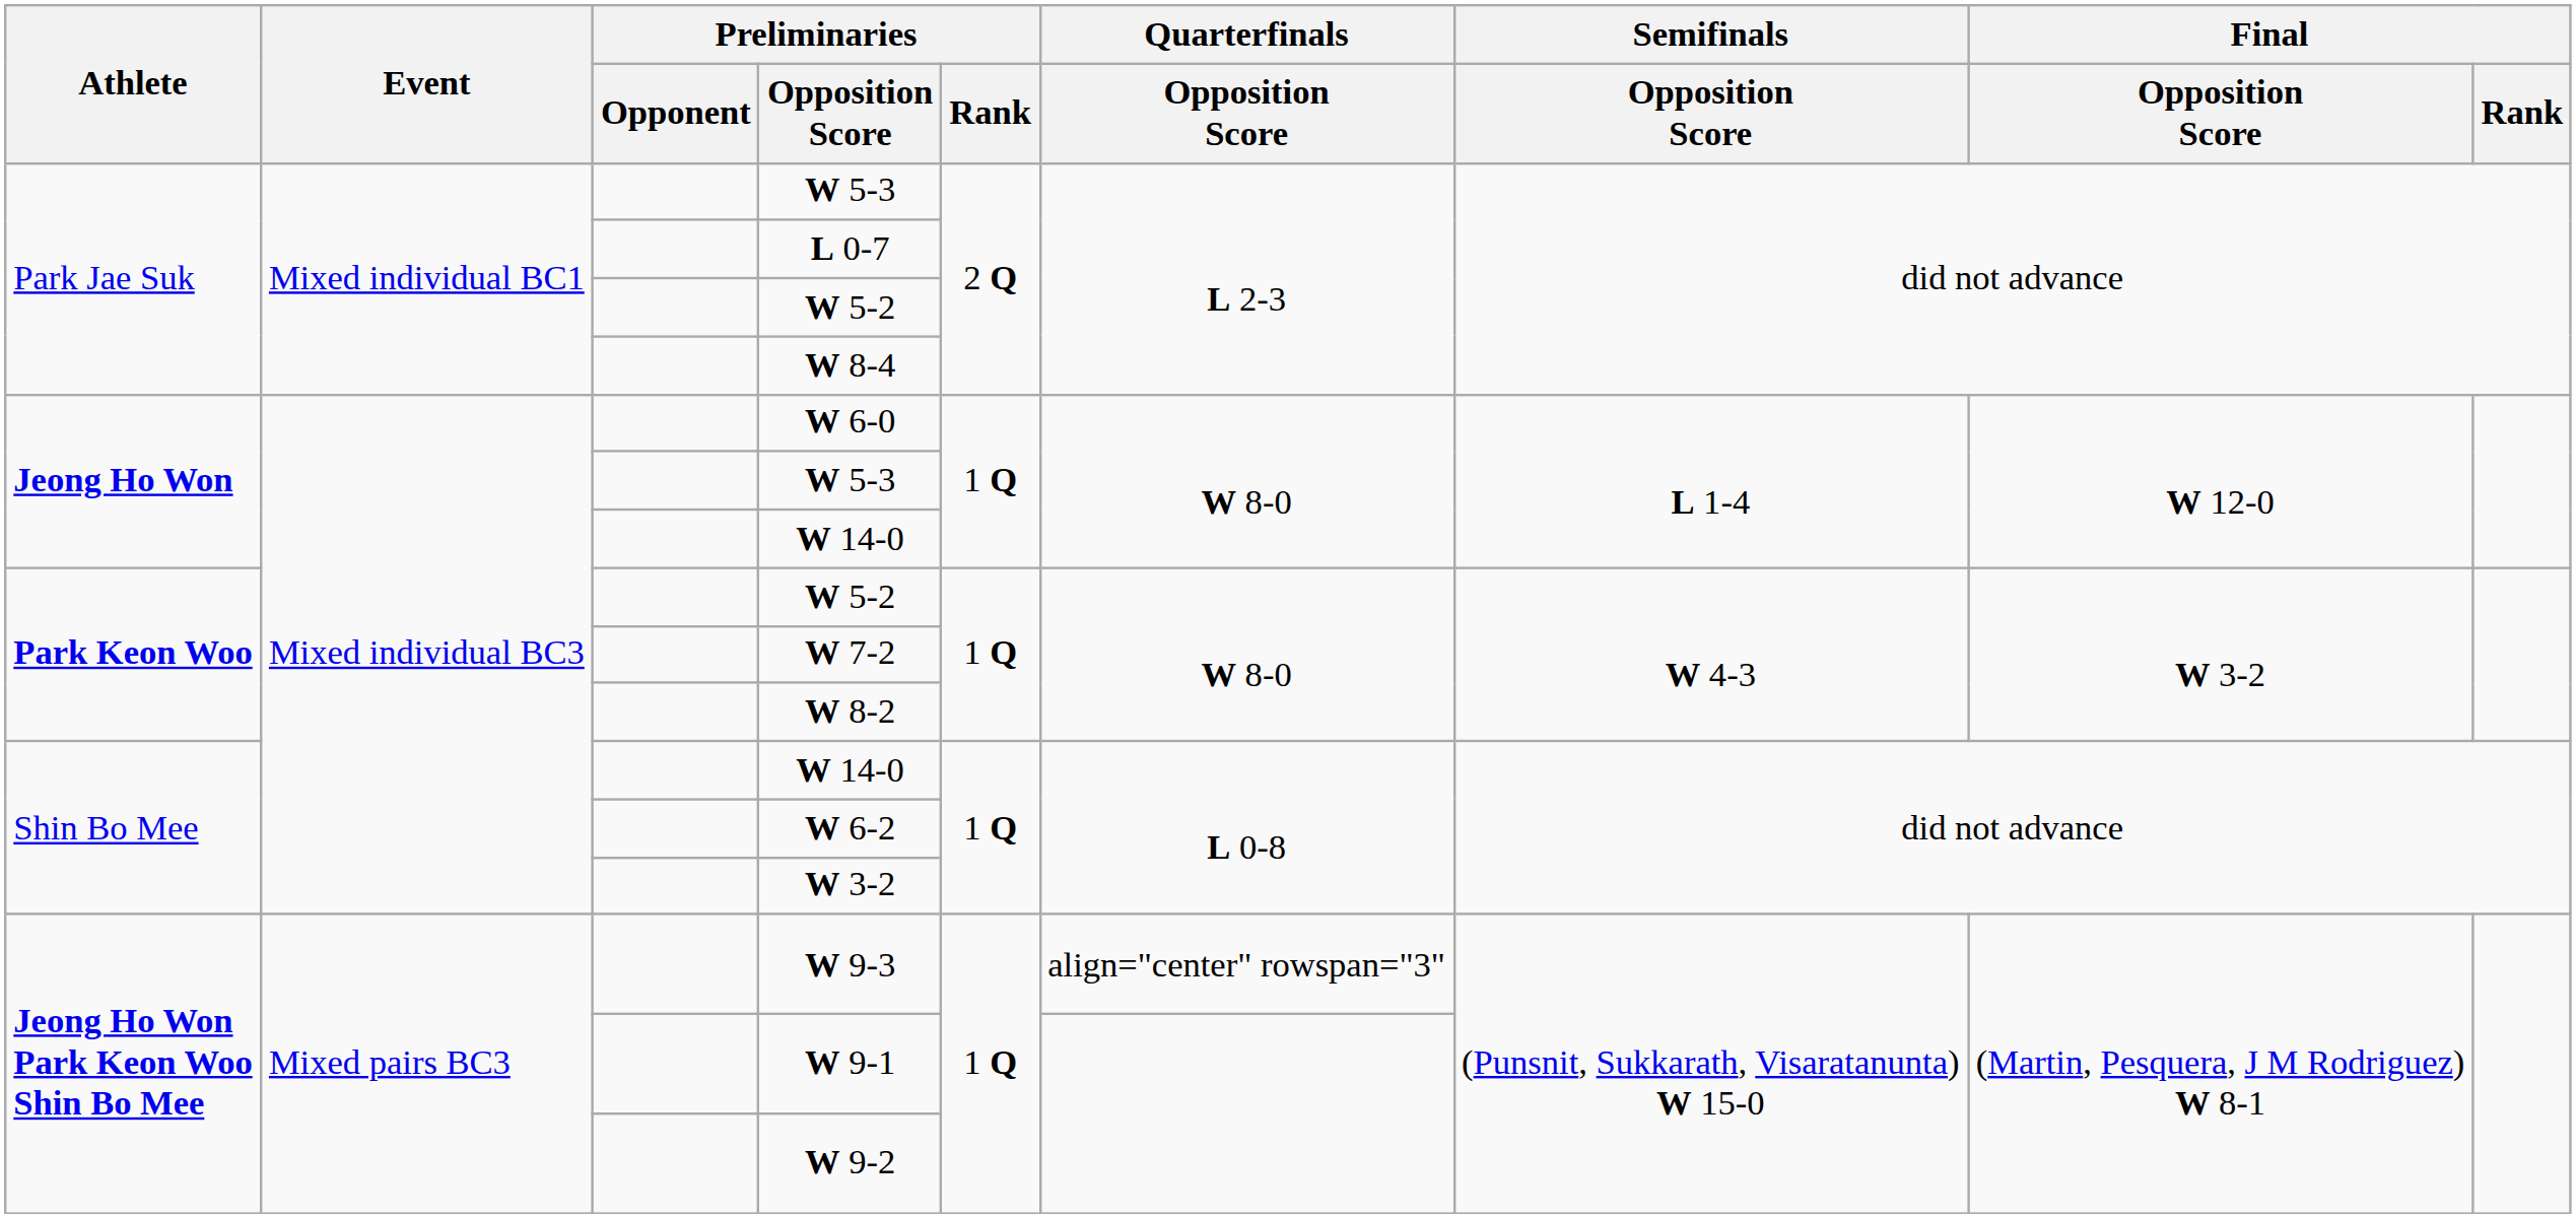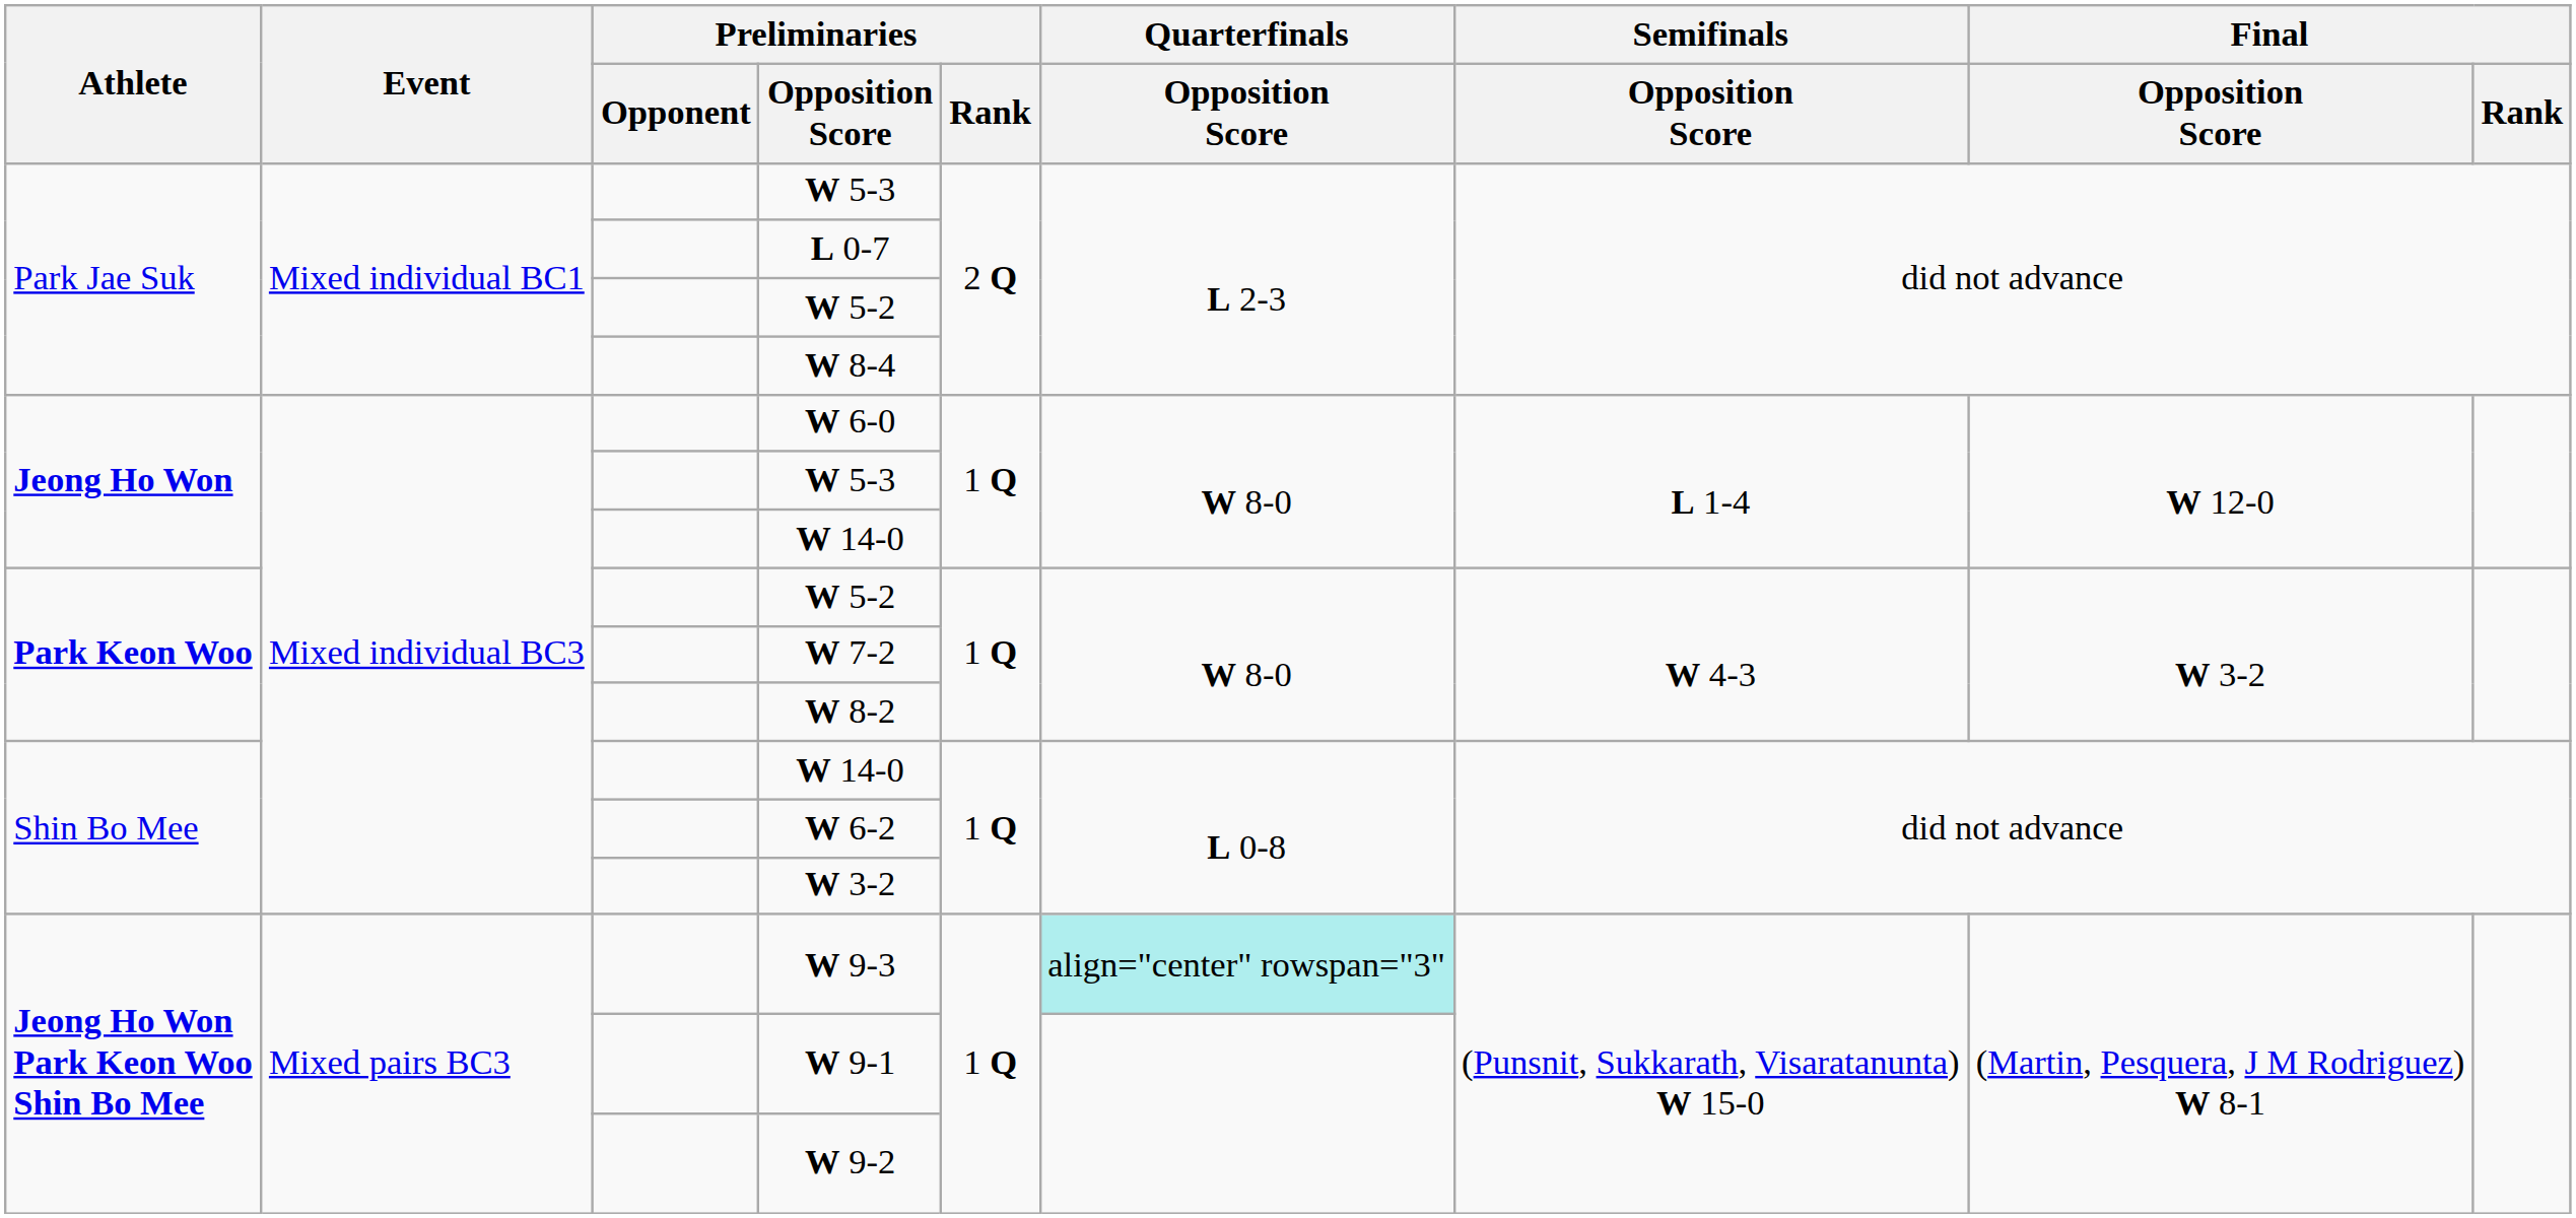 <table class=wikitable style="font-size:90%">
 <tr>
 <th rowspan="2">Athlete</th>
 <th rowspan="2">Event</th>
 <th colspan="3">Preliminaries</th>
 <th>Quarterfinals</th>
 <th>Semifinals</th>
 <th colspan="2">Final</th>
 </tr>
 <tr>
 <th>Opponent</th>
 <th>Opposition<br>Score</th>
 <th>Rank</th>
 <th>Opposition<br>Score</th>
 <th>Opposition<br>Score</th>
 <th>Opposition<br>Score</th>
 <th>Rank</th>
 </tr>
 <tr>
 <td rowspan="4"><a href='#'>Park Jae Suk</a></td>
 <td rowspan="4"><a href='#'>Mixed individual BC1</a></td>
 <td align="left"></td>
 <td align="center"><strong>W</strong> 5-3</td>
 <td align="center" rowspan="4">2 <strong>Q</strong></td>
 <td align="center" rowspan="4"><br><strong>L</strong> 2-3</td>
 <td align="center" rowspan="4" colspan="3">did not advance</td>
 </tr>
 <tr>
 <td align="left"></td>
 <td align="center"><strong>L</strong> 0-7</td>
 </tr>
 <tr>
 <td align="left"></td>
 <td align="center"><strong>W</strong> 5-2</td>
 </tr>
 <tr>
 <td align="left"></td>
 <td align="center"><strong>W</strong> 8-4</td>
 </tr>
 <tr>
 <td rowspan="3"><strong><a href='#'>Jeong Ho Won</a></strong></td>
 <td rowspan="9"><a href='#'>Mixed individual BC3</a></td>
 <td align="left"></td>
 <td align="center"><strong>W</strong> 6-0</td>
 <td align="center" rowspan="3">1 <strong>Q</strong></td>
 <td align="center" rowspan="3"><br><strong>W</strong> 8-0</td>
 <td align="center" rowspan="3"><br><strong>L</strong> 1-4</td>
 <td align="center" rowspan="3"><br><strong>W</strong> 12-0</td>
 <td align="center" rowspan="3"></td>
 </tr>
 <tr>
 <td align="left"></td>
 <td align="center"><strong>W</strong> 5-3</td>
 </tr>
 <tr>
 <td align="left"></td>
 <td align="center"><strong>W</strong> 14-0</td>
 </tr>
 <tr>
 <td rowspan="3"><strong><a href='#'>Park Keon Woo</a></strong></td>
 <td align="left"></td>
 <td align="center"><strong>W</strong> 5-2</td>
 <td align="center" rowspan="3">1 <strong>Q</strong></td>
 <td align="center" rowspan="3"><br><strong>W</strong> 8-0</td>
 <td align="center" rowspan="3"><br><strong>W</strong> 4-3</td>
 <td align="center" rowspan="3"><br><strong>W</strong> 3-2</td>
 <td align="center" rowspan="3"></td>
 </tr>
 <tr>
 <td align="left"></td>
 <td align="center"><strong>W</strong> 7-2</td>
 </tr>
 <tr>
 <td align="left"></td>
 <td align="center"><strong>W</strong> 8-2</td>
 </tr>
 <tr>
 <td rowspan="3"><a href='#'>Shin Bo Mee</a></td>
 <td align="left"></td>
 <td align="center"><strong>W</strong> 14-0</td>
 <td align="center" rowspan="3">1 <strong>Q</strong></td>
 <td align="center" rowspan="3"><br><strong>L</strong> 0-8</td>
 <td align="center" rowspan="3" colspan="3">did not advance</td>
 </tr>
 <tr>
 <td align="left"></td>
 <td align="center"><strong>W</strong> 6-2</td>
 </tr>
 <tr>
 <td align="left"></td>
 <td align="center"><strong>W</strong> 3-2</td>
 </tr>
 <tr>
 <td rowspan="3"><strong><a href='#'>Jeong Ho Won</a></strong><br> <strong><a href='#'>Park Keon Woo</a></strong><br> <strong><a href='#'>Shin Bo Mee</a></strong></td>
 <td rowspan="3"><a href='#'>Mixed pairs BC3</a></td>
 <td align="left"><br> <br> </td>
 <td align="center"><strong>W</strong> 9-3</td>
 <td align="center" rowspan="3">1 <strong>Q</strong></td>
-<td>align="center" rowspan="3" </td>
+<td style="background: paleturquoise;">align="center" rowspan="3" </td>
 <td align="center" rowspan="3"><br> (<a href='#'>Punsnit</a>, <a href='#'>Sukkarath</a>, <a href='#'>Visaratanunta</a>)<br><strong>W</strong> 15-0</td>
 <td align="center" rowspan="3"><br> (<a href='#'>Martin</a>, <a href='#'>Pesquera</a>, <a href='#'>J M Rodriguez</a>)<br><strong>W</strong> 8-1</td>
 <td align="center" rowspan="3"></td>
 </tr>
 <tr>
 <td align="left"><br> <br> </td>
 <td align="center"><strong>W</strong> 9-1</td>
 </tr>
 <tr>
 <td align="left"><br> <br> </td>
 <td align="center"><strong>W</strong> 9-2</td>
 </tr>
 </table>
